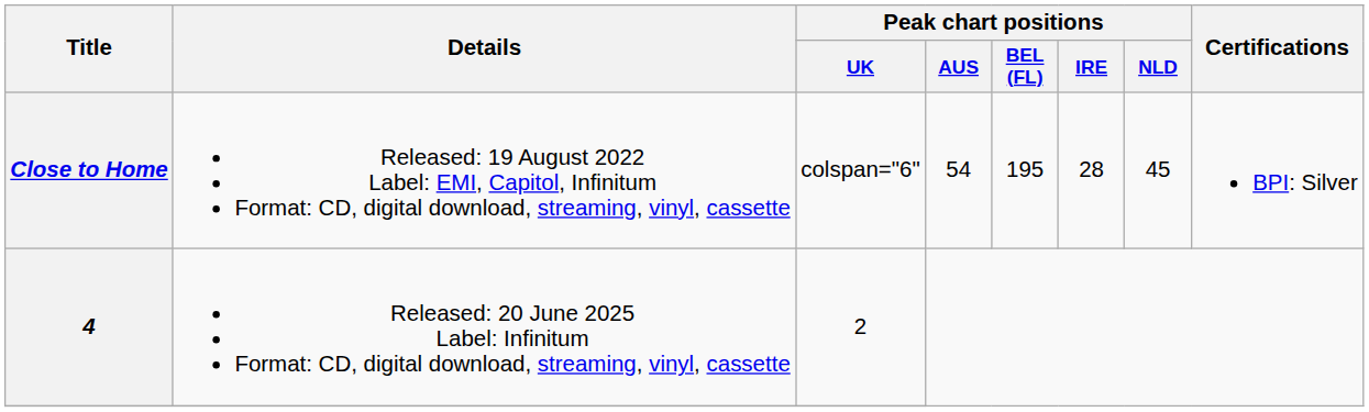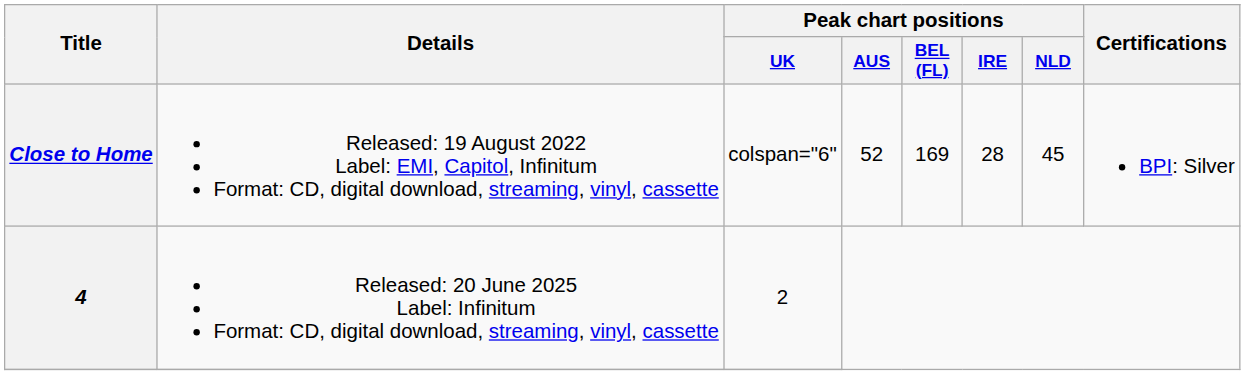 <table class="wikitable plainrowheaders" style="text-align:center;">
 <tr>
 <th scope="col" rowspan="2">Title</th>
 <th scope="col" rowspan="2">Details</th>
 <th scope="col" colspan="5">Peak chart positions</th>
 <th scope="col" rowspan="2">Certifications</th>
 </tr>
 <tr>
 <th scope="col" style="width:3em;font-size:85%;"><a href='#'>UK</a><br></th>
 <th scope="col" style="width:3em;font-size:85%;"><a href='#'>AUS</a><br></th>
 <th scope="col" style="width:3em;font-size:85%;"><a href='#'>BEL<br>(FL)</a><br></th>
 <th scope="col" style="width:3em;font-size:85%;"><a href='#'>IRE</a><br></th>
 <th scope="col" style="width:3em;font-size:85%;"><a href='#'>NLD</a><br></th>
 </tr>
 <tr>
 <th scope="row"><em><a href='#'>Close to Home</a></em></th>
 <td><br><ul><li>Released: 19 August 2022</li><li>Label: <a href='#'>EMI</a>, <a href='#'>Capitol</a>, Infinitum</li><li>Format: CD, digital download, <a href='#'>streaming</a>, <a href='#'>vinyl</a>, <a href='#'>cassette</a></li></ul></td>
 <td>colspan="6" </td>
-<td>54</td>
-<td>195</td>
+<td>52</td>
+<td>169</td>
 <td>28</td>
 <td>45</td>
 <td><br><ul><li><a href='#'>BPI</a>: Silver</li></ul></td>
 </tr>
 <tr>
 <th scope="row"><em>4</em></th>
 <td><br><ul><li>Released: 20 June 2025</li><li>Label: Infinitum</li><li>Format: CD, digital download, <a href='#'>streaming</a>, <a href='#'>vinyl</a>, <a href='#'>cassette</a></li></ul></td>
 <td>2</td>
 </tr>
 <tr>
 </tr>
 </table>
